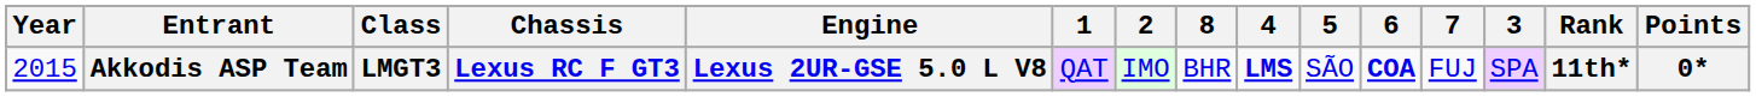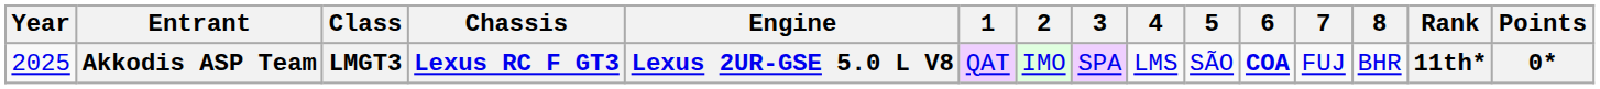 <table class="wikitable" style="text-align:center; font-size:85%">
 <tr>
 <th>Year</th>
 <th>Entrant</th>
 <th>Class</th>
 <th>Chassis</th>
 <th>Engine</th>
 <th>1</th>
 <th>2</th>
-<th>8</th>
+<th>3</th>
 <th>4</th>
 <th>5</th>
 <th>6</th>
 <th>7</th>
-<th>3</th>
+<th>8</th>
 <th>Rank</th>
 <th>Points</th>
 </tr>
 <tr>
-<td><a href='#'>2015</a></td>
+<td><a href='#'>2025</a></td>
 <th nowrap>Akkodis ASP Team</th>
 <th nowrap>LMGT3</th>
 <th nowrap><a href='#'>Lexus RC F GT3</a></th>
 <th nowrap><a href='#'>Lexus</a> <a href='#'>2UR-GSE</a> 5.0 L V8</th>
 <td style="background:#EFCFFF;"><a href='#'>QAT</a><br></td>
 <td style="background:#DFFFDF;"><a href='#'>IMO</a><br></td>
-<td style="background:#;"><a href='#'>BHR</a><br></td>
-<td style="background:#;"><strong><a href='#'>LMS</a><br></strong></td>
+<td style="background:#EFCFFF;"><a href='#'>SPA</a><br></td>
+<td style="background:#;"><a href='#'>LMS</a><br></td>
 <td style="background:#;"><a href='#'>SÃO</a><br></td>
 <td style="background:#;"><strong><a href='#'>COA</a><br></strong></td>
 <td style="background:#;"><a href='#'>FUJ</a><br></td>
-<td style="background:#EFCFFF;"><a href='#'>SPA</a><br></td>
+<td style="background:#;"><a href='#'>BHR</a><br></td>
 <th>11th*</th>
 <th>0*</th>
 </tr>
 </table>
